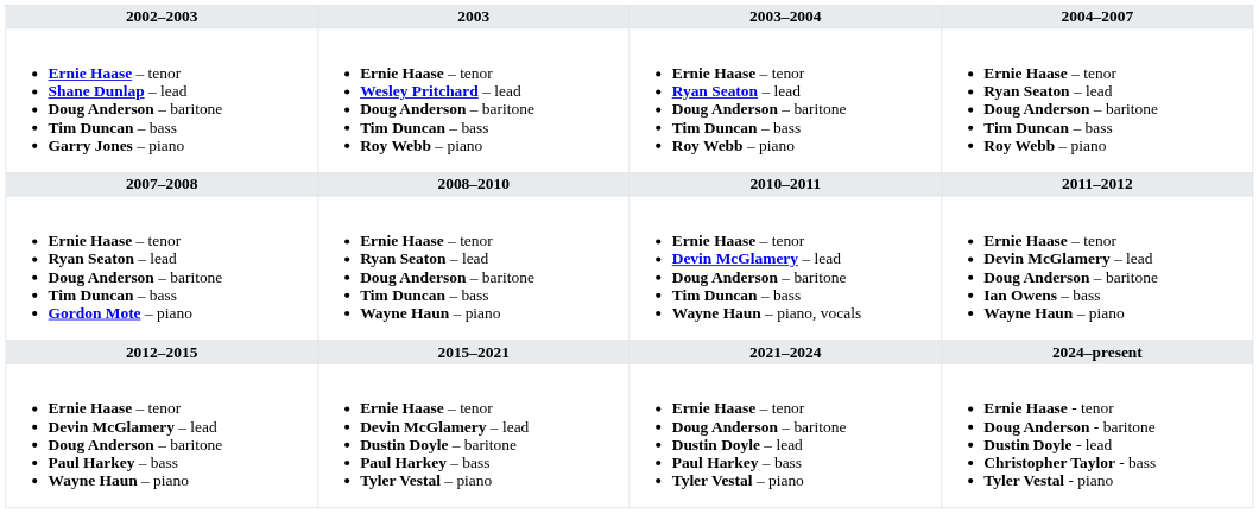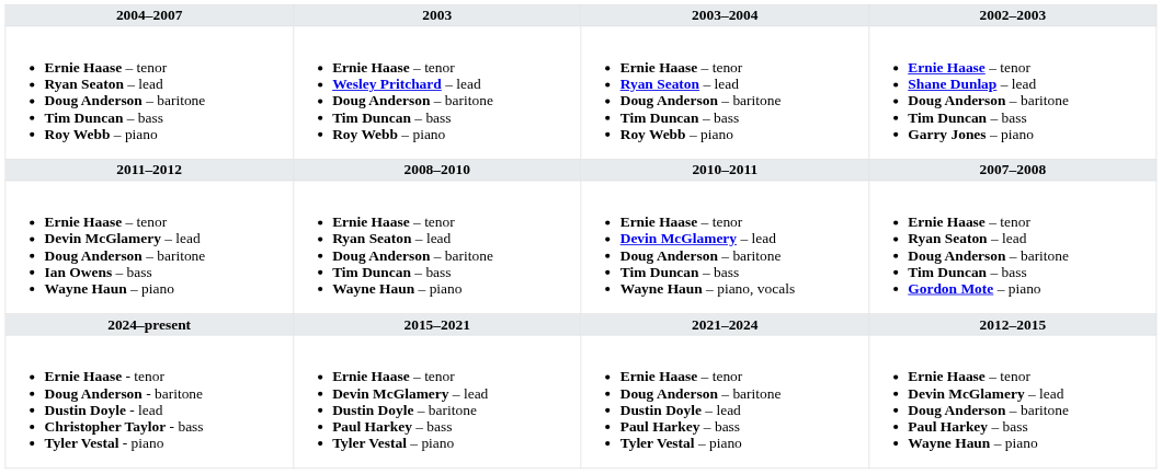 <table class="toccolours" border=1 cellpadding=2 cellspacing=0 style="float: width: 375px; margin: 0 0 1em 1em; border-collapse: collapse; border: 1px solid #E2E2E2;" width=99%>
 <tr>
-<th bgcolor="#E7EBEE" valign=top width=25%>2002–2003<br></th>
+<th bgcolor="#E7EBEE" valign=top width=25%>2004–2007<br></th>
 <th bgcolor="#E7EBEE" valign=top width=25%>2003</th>
 <th bgcolor="#E7EBEE" valign=top width=25%>2003–2004</th>
-<th bgcolor="#E7EBEE" valign=top width=25%>2004–2007<br></th>
+<th bgcolor="#E7EBEE" valign=top width=25%>2002–2003<br></th>
 </tr>
 <tr>
-<td valign=top><br><ul><li><strong><a href='#'>Ernie Haase</a></strong> – tenor</li><li><strong><a href='#'>Shane Dunlap</a></strong> – lead</li><li><strong>Doug Anderson</strong> – baritone</li><li><strong>Tim Duncan</strong> – bass</li><li><strong>Garry Jones</strong> – piano</li></ul></td>
+<td valign=top><br><ul><li><strong>Ernie Haase</strong> – tenor</li><li><strong>Ryan Seaton</strong> – lead</li><li><strong>Doug Anderson</strong> – baritone</li><li><strong>Tim Duncan</strong> – bass</li><li><strong>Roy Webb</strong> – piano</li></ul></td>
 <td valign=top><br><ul><li><strong>Ernie Haase</strong> – tenor</li><li><strong><a href='#'>Wesley Pritchard</a></strong> – lead</li><li><strong>Doug Anderson</strong> – baritone</li><li><strong>Tim Duncan</strong> – bass</li><li><strong>Roy Webb</strong> – piano</li></ul></td>
 <td valign=top><br><ul><li><strong>Ernie Haase</strong> – tenor</li><li><strong><a href='#'>Ryan Seaton</a></strong> – lead</li><li><strong>Doug Anderson</strong> – baritone</li><li><strong>Tim Duncan</strong> – bass</li><li><strong>Roy Webb</strong> – piano</li></ul></td>
-<td valign=top><br><ul><li><strong>Ernie Haase</strong> – tenor</li><li><strong>Ryan Seaton</strong> – lead</li><li><strong>Doug Anderson</strong> – baritone</li><li><strong>Tim Duncan</strong> – bass</li><li><strong>Roy Webb</strong> – piano</li></ul></td>
+<td valign=top><br><ul><li><strong><a href='#'>Ernie Haase</a></strong> – tenor</li><li><strong><a href='#'>Shane Dunlap</a></strong> – lead</li><li><strong>Doug Anderson</strong> – baritone</li><li><strong>Tim Duncan</strong> – bass</li><li><strong>Garry Jones</strong> – piano</li></ul></td>
 </tr>
 <tr>
-<th bgcolor="#E7EBEE" valign=top width=25%>2007–2008</th>
+<th bgcolor="#E7EBEE" valign=top width=25%>2011–2012</th>
 <th bgcolor="#E7EBEE" valign=top width=25%>2008–2010</th>
 <th bgcolor="#E7EBEE" valign=top width=25%>2010–2011</th>
-<th bgcolor="#E7EBEE" valign=top width=25%>2011–2012</th>
+<th bgcolor="#E7EBEE" valign=top width=25%>2007–2008</th>
 </tr>
 <tr>
-<td valign=top><br><ul><li><strong>Ernie Haase</strong> – tenor</li><li><strong>Ryan Seaton</strong> – lead</li><li><strong>Doug Anderson</strong> – baritone</li><li><strong>Tim Duncan</strong> – bass</li><li><strong><a href='#'>Gordon Mote</a></strong> – piano</li></ul></td>
+<td valign=top><br><ul><li><strong>Ernie Haase</strong> – tenor</li><li><strong>Devin McGlamery</strong> – lead</li><li><strong>Doug Anderson</strong> – baritone</li><li><strong>Ian Owens</strong> – bass</li><li><strong>Wayne Haun</strong> – piano</li></ul></td>
 <td valign=top><br><ul><li><strong>Ernie Haase</strong> – tenor</li><li><strong>Ryan Seaton</strong> – lead</li><li><strong>Doug Anderson</strong> – baritone</li><li><strong>Tim Duncan</strong> – bass</li><li><strong>Wayne Haun</strong> – piano</li></ul></td>
 <td valign=top><br><ul><li><strong>Ernie Haase</strong> – tenor</li><li><strong><a href='#'>Devin McGlamery</a></strong> – lead</li><li><strong>Doug Anderson</strong> – baritone</li><li><strong>Tim Duncan</strong> – bass</li><li><strong>Wayne Haun</strong> – piano, vocals</li></ul></td>
-<td valign=top><br><ul><li><strong>Ernie Haase</strong> – tenor</li><li><strong>Devin McGlamery</strong> – lead</li><li><strong>Doug Anderson</strong> – baritone</li><li><strong>Ian Owens</strong> – bass</li><li><strong>Wayne Haun</strong> – piano</li></ul></td>
+<td valign=top><br><ul><li><strong>Ernie Haase</strong> – tenor</li><li><strong>Ryan Seaton</strong> – lead</li><li><strong>Doug Anderson</strong> – baritone</li><li><strong>Tim Duncan</strong> – bass</li><li><strong><a href='#'>Gordon Mote</a></strong> – piano</li></ul></td>
 </tr>
 <tr>
-<th bgcolor="#E7EBEE" valign=top width=25%>2012–2015</th>
+<th bgcolor="#E7EBEE" valign=top width=25%>2024–present</th>
 <th bgcolor="#E7EBEE" valign=top width=25%>2015–2021</th>
 <th bgcolor="#E7EBEE" valign=top width=25%>2021–2024</th>
-<th bgcolor="#E7EBEE" valign=top width=25%>2024–present</th>
+<th bgcolor="#E7EBEE" valign=top width=25%>2012–2015</th>
 </tr>
 <tr>
-<td valign=top><br><ul><li><strong>Ernie Haase</strong> – tenor</li><li><strong>Devin McGlamery</strong> – lead</li><li><strong>Doug Anderson</strong> – baritone</li><li><strong>Paul Harkey</strong> – bass</li><li><strong>Wayne Haun</strong> – piano</li></ul></td>
+<td valign=top><br><ul><li><strong>Ernie Haase</strong> - tenor</li><li><strong>Doug Anderson</strong> - baritone</li><li><strong>Dustin Doyle</strong> - lead</li><li><strong>Christopher Taylor</strong> - bass</li><li><strong>Tyler Vestal</strong> - piano</li></ul></td>
 <td valign=top><br><ul><li><strong>Ernie Haase</strong> – tenor</li><li><strong>Devin McGlamery</strong> – lead</li><li><strong>Dustin Doyle</strong> – baritone</li><li><strong>Paul Harkey</strong> – bass</li><li><strong>Tyler Vestal</strong> – piano</li></ul></td>
 <td valign=top><br><ul><li><strong>Ernie Haase</strong> – tenor</li><li><strong>Doug Anderson</strong> – baritone</li><li><strong>Dustin Doyle</strong> – lead</li><li><strong>Paul Harkey</strong> – bass</li><li><strong>Tyler Vestal</strong> – piano</li></ul></td>
-<td valign=top><br><ul><li><strong>Ernie Haase</strong> - tenor</li><li><strong>Doug Anderson</strong> - baritone</li><li><strong>Dustin Doyle</strong> - lead</li><li><strong>Christopher Taylor</strong> - bass</li><li><strong>Tyler Vestal</strong> - piano</li></ul></td>
+<td valign=top><br><ul><li><strong>Ernie Haase</strong> – tenor</li><li><strong>Devin McGlamery</strong> – lead</li><li><strong>Doug Anderson</strong> – baritone</li><li><strong>Paul Harkey</strong> – bass</li><li><strong>Wayne Haun</strong> – piano</li></ul></td>
 </tr>
 </table>
